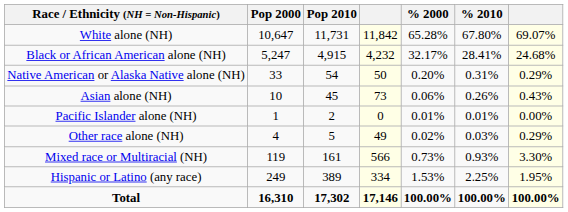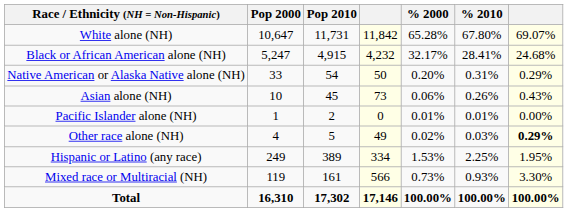 <table class="wikitable" style="text-align:center;">
 <tr>
 <th>Race / Ethnicity <small>(<em>NH = Non-Hispanic</em>)</small></th>
 <th>Pop 2000</th>
 <th>Pop 2010</th>
 <th></th>
 <th>% 2000</th>
 <th>% 2010</th>
 <th></th>
 </tr>
 <tr>
 <td><a href='#'>White</a> alone (NH)</td>
 <td>10,647</td>
 <td>11,731</td>
 <td style='background: #ffffe6;'>11,842</td>
 <td>65.28%</td>
 <td>67.80%</td>
 <td style='background: #ffffe6;'>69.07%</td>
 </tr>
 <tr>
 <td><a href='#'>Black or African American</a> alone (NH)</td>
 <td>5,247</td>
 <td>4,915</td>
 <td style='background: #ffffe6;'>4,232</td>
 <td>32.17%</td>
 <td>28.41%</td>
 <td style='background: #ffffe6;'>24.68%</td>
 </tr>
 <tr>
 <td><a href='#'>Native American</a> or <a href='#'>Alaska Native</a> alone (NH)</td>
 <td>33</td>
 <td>54</td>
 <td style='background: #ffffe6;'>50</td>
 <td>0.20%</td>
 <td>0.31%</td>
 <td style='background: #ffffe6;'>0.29%</td>
 </tr>
 <tr>
 <td><a href='#'>Asian</a> alone (NH)</td>
 <td>10</td>
 <td>45</td>
 <td style='background: #ffffe6;'>73</td>
 <td>0.06%</td>
 <td>0.26%</td>
 <td style='background: #ffffe6;'>0.43%</td>
 </tr>
 <tr>
 <td><a href='#'>Pacific Islander</a> alone (NH)</td>
 <td>1</td>
 <td>2</td>
 <td style='background: #ffffe6;'>0</td>
 <td>0.01%</td>
 <td>0.01%</td>
 <td style='background: #ffffe6;'>0.00%</td>
 </tr>
 <tr>
 <td><a href='#'>Other race</a> alone (NH)</td>
 <td>4</td>
 <td>5</td>
 <td style='background: #ffffe6;'>49</td>
 <td>0.02%</td>
 <td>0.03%</td>
-<td style='background: #ffffe6;'>0.29%</td>
+<td style='background: #ffffe6;'><strong>0.29%</strong></td>
+</tr>
+<tr>
+<td><a href='#'>Hispanic or Latino</a> (any race)</td>
+<td>249</td>
+<td>389</td>
+<td style='background: #ffffe6;'>334</td>
+<td>1.53%</td>
+<td>2.25%</td>
+<td style='background: #ffffe6;'>1.95%</td>
 </tr>
 <tr>
 <td><a href='#'>Mixed race or Multiracial</a> (NH)</td>
 <td>119</td>
 <td>161</td>
 <td style='background: #ffffe6;'>566</td>
 <td>0.73%</td>
 <td>0.93%</td>
 <td style='background: #ffffe6;'>3.30%</td>
 </tr>
 <tr>
-<td><a href='#'>Hispanic or Latino</a> (any race)</td>
-<td>249</td>
-<td>389</td>
-<td style='background: #ffffe6;'>334</td>
-<td>1.53%</td>
-<td>2.25%</td>
-<td style='background: #ffffe6;'>1.95%</td>
-</tr>
-<tr>
 <td><strong>Total</strong></td>
 <td><strong>16,310</strong></td>
 <td><strong>17,302</strong></td>
 <td style='background: #ffffe6;'><strong>17,146</strong></td>
 <td><strong>100.00%</strong></td>
 <td><strong>100.00%</strong></td>
 <td style='background: #ffffe6;'><strong>100.00%</strong></td>
 </tr>
 </table>
